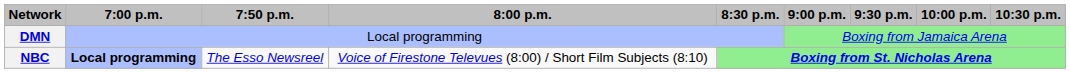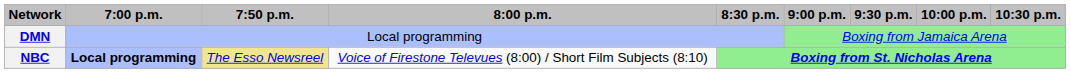 <table class="wikitable" style="width:100%;margin-right:0;text-align:center">
 <tr>
 <th style="background-color:#C0C0C0">Network</th>
 <th style="background-color:#C0C0C0;text-align:center">7:00 p.m.</th>
 <th style="background-color:#C0C0C0;text-align:center">7:50 p.m.</th>
 <th style="background-color:#C0C0C0;text-align:center">8:00 p.m.</th>
 <th style="background-color:#C0C0C0;text-align:center">8:30 p.m.</th>
 <th style="background-color:#C0C0C0;text-align:center">9:00 p.m.</th>
 <th style="background-color:#C0C0C0;text-align:center">9:30 p.m.</th>
 <th style="background-color:#C0C0C0;text-align:center">10:00 p.m.</th>
 <th style="background-color:#C0C0C0;text-align:center">10:30 p.m.</th>
 </tr>
 <tr>
 <th><a href='#'>DMN</a></th>
 <td colspan="4" style="background:#abbfff;">Local programming</td>
 <td colspan="4" style="background:lightgreen;"><em><a href='#'>Boxing from Jamaica Arena</a></em></td>
 </tr>
 <tr>
 <th><a href='#'>NBC</a></th>
 <td style="background:#abbfff;"><strong>Local programming</strong></td>
-<td><em><a href='#'>The Esso Newsreel</a></em></td>
+<td style="background: khaki;"><em><a href='#'>The Esso Newsreel</a></em></td>
 <td><em><a href='#'>Voice of Firestone Televues</a></em> (8:00) / Short Film Subjects (8:10)</td>
 <td colspan="5" style="background:lightgreen;"><strong><em><a href='#'>Boxing from St. Nicholas Arena</a></em></strong> </td>
 </tr>
 </table>
